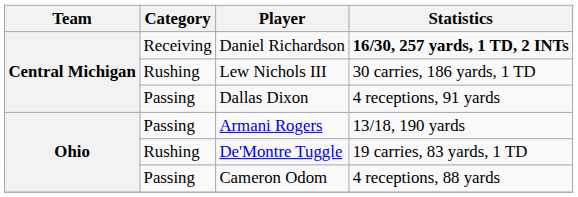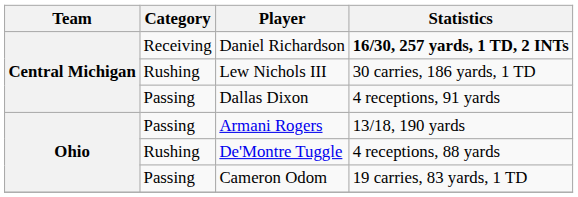 <table class="wikitable" style="float: left;">
 <tr>
 <th>Team</th>
 <th>Category</th>
 <th>Player</th>
 <th>Statistics</th>
 </tr>
 <tr>
 <th rowspan=3>Central Michigan</th>
 <td>Receiving</td>
 <td>Daniel Richardson</td>
 <td><strong>16/30, 257 yards, 1 TD, 2 INTs</strong></td>
 </tr>
 <tr>
 <td>Rushing</td>
 <td>Lew Nichols III</td>
 <td>30 carries, 186 yards, 1 TD</td>
 </tr>
 <tr>
 <td>Passing</td>
 <td>Dallas Dixon</td>
 <td>4 receptions, 91 yards</td>
 </tr>
 <tr>
 <th rowspan=3 style=>Ohio</th>
 <td>Passing</td>
 <td><a href='#'>Armani Rogers</a></td>
 <td>13/18, 190 yards</td>
 </tr>
 <tr>
 <td>Rushing</td>
 <td><a href='#'>De'Montre Tuggle</a></td>
-<td>19 carries, 83 yards, 1 TD</td>
+<td>4 receptions, 88 yards</td>
 </tr>
 <tr>
 <td>Passing</td>
 <td>Cameron Odom</td>
-<td>4 receptions, 88 yards</td>
+<td>19 carries, 83 yards, 1 TD</td>
 </tr>
 <tr>
 </tr>
 </table>
